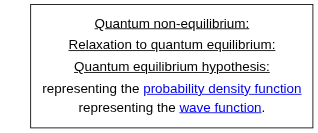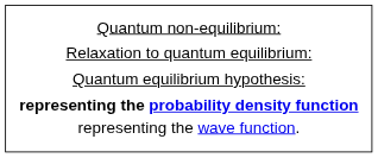 <table style="margin:0 1em 1em; text-align:center; border:1px solid black; padding:10px; float:right;">
 <tr>
 <td><u>Quantum non-equilibrium:</u></td>
 </tr>
 <tr>
 <td></td>
 </tr>
 <tr>
 <td><u>Relaxation to quantum equilibrium:</u></td>
 </tr>
 <tr>
 <td></td>
 </tr>
 <tr>
 <td><u>Quantum equilibrium hypothesis:</u></td>
 </tr>
 <tr>
 <td></td>
 </tr>
 <tr>
-<td> representing the <a href='#'>probability density function</a></td>
+<td><strong> representing the <a href='#'>probability density function</a></strong></td>
 </tr>
 <tr>
 <td> representing the <a href='#'>wave function</a>.</td>
 </tr>
 <tr>
 </tr>
 </table>
